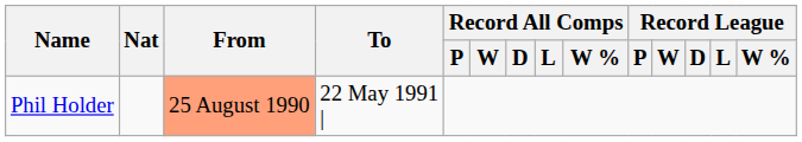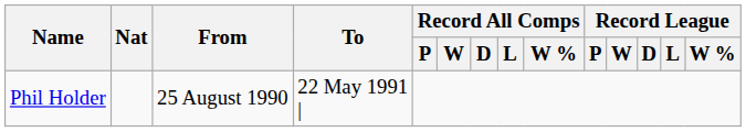 <table class="wikitable" style="text-align: center">
 <tr>
 <th rowspan="2">Name</th>
 <th rowspan="2">Nat</th>
 <th rowspan="2">From</th>
 <th rowspan="2">To</th>
 <th colspan="5">Record All Comps</th>
 <th colspan="5">Record League</th>
 </tr>
 <tr>
 <th>P</th>
 <th>W</th>
 <th>D</th>
 <th>L</th>
 <th>W %</th>
 <th>P</th>
 <th>W</th>
 <th>D</th>
 <th>L</th>
 <th>W %</th>
 </tr>
 <tr>
 <td align=left><a href='#'>Phil Holder</a></td>
 <td></td>
-<td align=left style="background: lightsalmon;">25 August 1990</td>
+<td align=left>25 August 1990</td>
 <td align=left>22 May 1991<br>|</td>
 </tr>
 </table>
